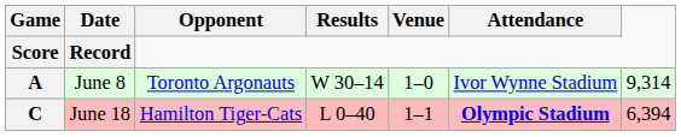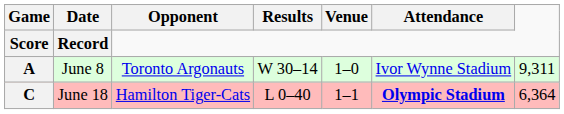 <table class="wikitable" style="text-align:center">
 <tr>
 <th scope="col">Game</th>
 <th scope="col">Date</th>
 <th scope="col">Opponent</th>
 <th scope="col">Results</th>
 <th scope="col">Venue</th>
 <th scope="col">Attendance</th>
 </tr>
 <tr>
 <th scope="col">Score</th>
 <th scope="col">Record</th>
 </tr>
 <tr style="background:#ddffdd">
 <th>A</th>
 <td>June 8</td>
 <td><a href='#'>Toronto Argonauts</a></td>
 <td>W 30–14</td>
 <td>1–0</td>
 <td><a href='#'>Ivor Wynne Stadium</a></td>
-<td>9,314</td>
+<td>9,311</td>
 </tr>
 <tr style="background:#ffbbbb">
 <th>C</th>
 <td>June 18</td>
 <td><a href='#'>Hamilton Tiger-Cats</a></td>
 <td>L 0–40</td>
 <td>1–1</td>
 <td><strong><a href='#'>Olympic Stadium</a></strong></td>
-<td>6,394</td>
+<td>6,364</td>
 </tr>
 </table>
